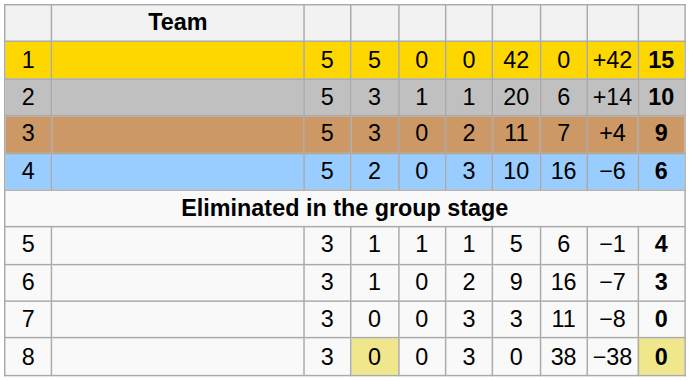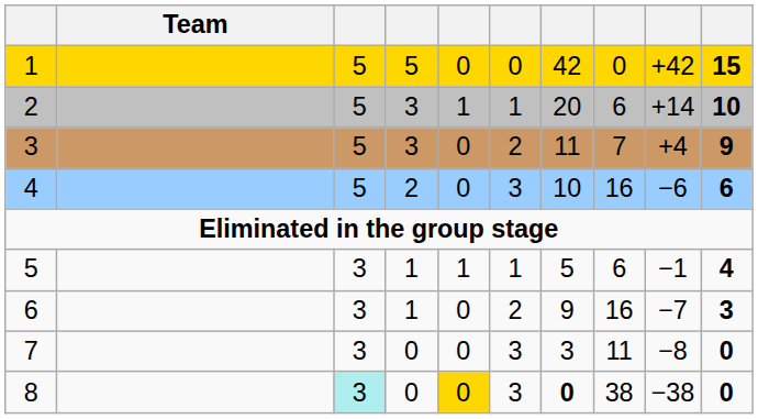 <table class="wikitable" style="text-align: center;">
 <tr>
 <th width=25></th>
 <th width=165>Team</th>
 <th width=25></th>
 <th width=25></th>
 <th width=25></th>
 <th width=25></th>
 <th width=25></th>
 <th width=25></th>
 <th width=25></th>
 <th width=25></th>
 </tr>
 <tr style="background:gold;">
 <td>1</td>
 <td style="text-align:left;"></td>
 <td>5</td>
 <td>5</td>
 <td>0</td>
 <td>0</td>
 <td>42</td>
 <td>0</td>
 <td>+42</td>
 <td><strong>15</strong></td>
 </tr>
 <tr style="background:silver;">
 <td>2</td>
 <td style="text-align:left;"></td>
 <td>5</td>
 <td>3</td>
 <td>1</td>
 <td>1</td>
 <td>20</td>
 <td>6</td>
 <td>+14</td>
 <td><strong>10</strong></td>
 </tr>
 <tr style="background:#cc9966;">
 <td>3</td>
 <td style="text-align:left;"></td>
 <td>5</td>
 <td>3</td>
 <td>0</td>
 <td>2</td>
 <td>11</td>
 <td>7</td>
 <td>+4</td>
 <td><strong>9</strong></td>
 </tr>
 <tr style="background:#9acdff;">
 <td>4</td>
 <td style="text-align:left;"></td>
 <td>5</td>
 <td>2</td>
 <td>0</td>
 <td>3</td>
 <td>10</td>
 <td>16</td>
 <td>−6</td>
 <td><strong>6</strong></td>
 </tr>
 <tr>
 <td colspan=10><strong>Eliminated in the group stage</strong></td>
 </tr>
 <tr align=center>
 <td>5</td>
 <td style="text-align:left;"></td>
 <td>3</td>
 <td>1</td>
 <td>1</td>
 <td>1</td>
 <td>5</td>
 <td>6</td>
 <td>−1</td>
 <td><strong>4</strong></td>
 </tr>
 <tr align=center>
 <td>6</td>
 <td style="text-align:left;"></td>
 <td>3</td>
 <td>1</td>
 <td>0</td>
 <td>2</td>
 <td>9</td>
 <td>16</td>
 <td>−7</td>
 <td><strong>3</strong></td>
 </tr>
 <tr align=center>
 <td>7</td>
 <td style="text-align:left;"></td>
 <td>3</td>
 <td>0</td>
 <td>0</td>
 <td>3</td>
 <td>3</td>
 <td>11</td>
 <td>−8</td>
 <td><strong>0</strong></td>
 </tr>
 <tr align=center>
 <td>8</td>
 <td style="text-align:left;"></td>
+<td style="background: paleturquoise;">3</td>
+<td>0</td>
+<td style="background: gold;">0</td>
 <td>3</td>
-<td style="background: khaki;">0</td>
-<td>0</td>
-<td>3</td>
-<td>0</td>
+<td><strong>0</strong></td>
 <td>38</td>
 <td>−38</td>
-<td style="background: khaki;"><strong>0</strong></td>
+<td><strong>0</strong></td>
 </tr>
 </table>
